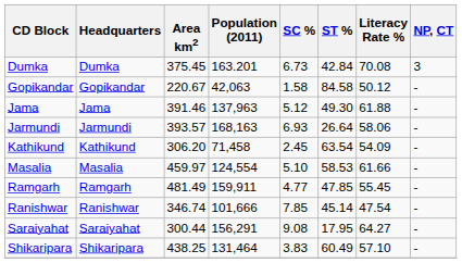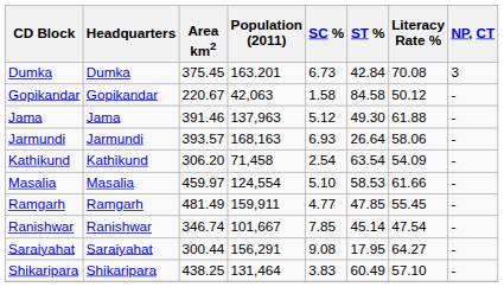 <table class="wikitable sortable">
 <tr>
 <th>CD Block</th>
 <th>Headquarters</th>
 <th><br>Area<br>km<sup>2</sup></th>
 <th>Population<br>(2011)</th>
 <th><a href='#'>SC</a> %</th>
 <th><a href='#'>ST</a> %</th>
 <th>Literacy<br> Rate %</th>
 <th><a href='#'>NP</a>, <a href='#'>CT</a></th>
 </tr>
 <tr>
 <td><a href='#'>Dumka</a></td>
 <td><a href='#'>Dumka</a></td>
 <td>375.45</td>
 <td>163.201</td>
 <td>6.73</td>
 <td>42.84</td>
 <td>70.08</td>
 <td>3</td>
 </tr>
 <tr>
 <td><a href='#'>Gopikandar</a></td>
 <td><a href='#'>Gopikandar</a></td>
 <td>220.67</td>
 <td>42,063</td>
 <td>1.58</td>
 <td>84.58</td>
 <td>50.12</td>
 <td>-</td>
 </tr>
 <tr>
 <td><a href='#'>Jama</a></td>
 <td><a href='#'>Jama</a></td>
 <td>391.46</td>
 <td>137,963</td>
 <td>5.12</td>
 <td>49.30</td>
 <td>61.88</td>
 <td>-</td>
 </tr>
 <tr>
 <td><a href='#'>Jarmundi</a></td>
 <td><a href='#'>Jarmundi</a></td>
 <td>393.57</td>
 <td>168,163</td>
 <td>6.93</td>
 <td>26.64</td>
 <td>58.06</td>
 <td>-</td>
 </tr>
 <tr>
 <td><a href='#'>Kathikund</a></td>
 <td><a href='#'>Kathikund</a></td>
 <td>306.20</td>
 <td>71,458</td>
-<td>2.45</td>
+<td>2.54</td>
 <td>63.54</td>
 <td>54.09</td>
 <td>-</td>
 </tr>
 <tr>
 <td><a href='#'>Masalia</a></td>
 <td><a href='#'>Masalia</a></td>
 <td>459.97</td>
 <td>124,554</td>
 <td>5.10</td>
 <td>58.53</td>
 <td>61.66</td>
 <td>-</td>
 </tr>
 <tr>
 <td><a href='#'>Ramgarh</a></td>
 <td><a href='#'>Ramgarh</a></td>
 <td>481.49</td>
 <td>159,911</td>
 <td>4.77</td>
 <td>47.85</td>
 <td>55.45</td>
 <td>-</td>
 </tr>
 <tr>
 <td><a href='#'>Ranishwar</a></td>
 <td><a href='#'>Ranishwar</a></td>
 <td>346.74</td>
-<td>101,666</td>
+<td>101,667</td>
 <td>7.85</td>
 <td>45.14</td>
 <td>47.54</td>
 <td>-</td>
 </tr>
 <tr>
 <td><a href='#'>Saraiyahat</a></td>
 <td><a href='#'>Saraiyahat</a></td>
 <td>300.44</td>
 <td>156,291</td>
 <td>9.08</td>
 <td>17.95</td>
 <td>64.27</td>
 <td>-</td>
 </tr>
 <tr>
 <td><a href='#'>Shikaripara</a></td>
 <td><a href='#'>Shikaripara</a></td>
 <td>438.25</td>
 <td>131,464</td>
 <td>3.83</td>
 <td>60.49</td>
 <td>57.10</td>
 <td>-</td>
 </tr>
 <tr>
 </tr>
 </table>
